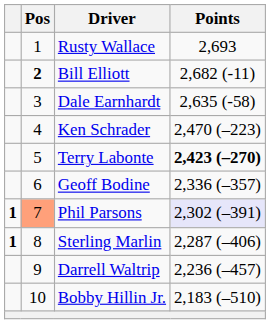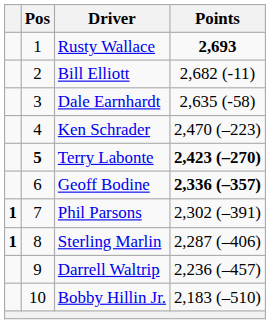 <table class="wikitable" style="font-size: 95%;">
 <tr>
 <th></th>
 <th>Pos</th>
 <th>Driver</th>
 <th>Points</th>
 </tr>
 <tr>
 <td align="left"></td>
 <td style="text-align:center;">1</td>
 <td><a href='#'>Rusty Wallace</a></td>
-<td style="text-align:center;">2,693</td>
+<td style="text-align:center;"><strong>2,693</strong></td>
 </tr>
 <tr>
 <td align="left"></td>
-<td style="text-align:center;"><strong>2</strong></td>
+<td style="text-align:center;">2</td>
 <td><a href='#'>Bill Elliott</a></td>
 <td style="text-align:center;">2,682 (-11)</td>
 </tr>
 <tr>
 <td align="left"></td>
 <td style="text-align:center;">3</td>
 <td><a href='#'>Dale Earnhardt</a></td>
 <td style="text-align:center;">2,635 (-58)</td>
 </tr>
 <tr>
 <td align="left"></td>
 <td style="text-align:center;">4</td>
 <td><a href='#'>Ken Schrader</a></td>
 <td style="text-align:center;">2,470 (–223)</td>
 </tr>
 <tr>
 <td align="left"></td>
-<td style="text-align:center;">5</td>
+<td style="text-align:center;"><strong>5</strong></td>
 <td><a href='#'>Terry Labonte</a></td>
 <td style="text-align:center;"><strong>2,423 (–270)</strong></td>
 </tr>
 <tr>
 <td align="left"></td>
 <td style="text-align:center;">6</td>
 <td><a href='#'>Geoff Bodine</a></td>
-<td style="text-align:center;">2,336 (–357)</td>
+<td style="text-align:center;"><strong>2,336 (–357)</strong></td>
 </tr>
 <tr>
 <td align="left">  <strong>1</strong></td>
-<td style="background: lightsalmon; text-align:center;">7</td>
+<td style="text-align:center;">7</td>
 <td><a href='#'>Phil Parsons</a></td>
-<td style="background: lavender; text-align:center;">2,302 (–391)</td>
+<td style="text-align:center;">2,302 (–391)</td>
 </tr>
 <tr>
 <td align="left">  <strong>1</strong></td>
 <td style="text-align:center;">8</td>
 <td><a href='#'>Sterling Marlin</a></td>
 <td style="text-align:center;">2,287 (–406)</td>
 </tr>
 <tr>
 <td align="left"></td>
 <td style="text-align:center;">9</td>
 <td><a href='#'>Darrell Waltrip</a></td>
 <td style="text-align:center;">2,236 (–457)</td>
 </tr>
 <tr>
 <td align="left"></td>
 <td style="text-align:center;">10</td>
 <td><a href='#'>Bobby Hillin Jr.</a></td>
 <td style="text-align:center;">2,183 (–510)</td>
 </tr>
 <tr class="sortbottom">
 <th colspan="9"></th>
 </tr>
 </table>
